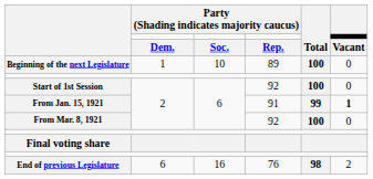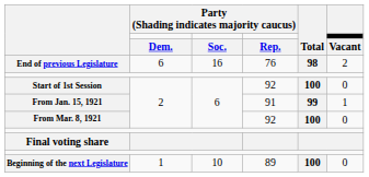 <table class=wikitable style="text-align:center">
 <tr style="vertical-align:bottom;">
 <th rowspan=3></th>
 <th colspan=3>Party <div>(Shading indicates majority caucus)</div></th>
 <th rowspan=3>Total</th>
 <th></th>
 </tr>
 <tr style="height:5px">
 <td style="background-color:"></td>
 <td style="background-color:"></td>
 <td style="background-color:"></td>
 <td style="background:black;"></td>
 </tr>
 <tr>
 <th><a href='#'>Dem.</a></th>
 <th><a href='#'>Soc.</a></th>
 <th><a href='#'>Rep.</a></th>
 <th>Vacant</th>
 </tr>
 <tr>
-<th style="font-size:80%;">Beginning of the <a href='#'>next Legislature</a></th>
-<td>1</td>
-<td>10</td>
-<td>89</td>
-<th>100</th>
-<td>0</td>
+<th style="font-size:80%;">End of <a href='#'>previous Legislature</a></th>
+<td>6</td>
+<td>16</td>
+<td>76</td>
+<th>98</th>
+<td>2</td>
 </tr>
 <tr>
 <td colspan=6></td>
 </tr>
 <tr>
 <th style="font-size:80%;">Start of 1st Session</th>
 <td rowspan="3">2</td>
 <td rowspan="3">6</td>
 <td>92</td>
 <th>100</th>
 <td>0</td>
 </tr>
 <tr>
 <th style="font-size:80%;">From Jan. 15, 1921</th>
 <td>91</td>
 <th>99</th>
-<td><strong>1</strong></td>
+<td>1</td>
 </tr>
 <tr>
 <th style="font-size:80%;">From Mar. 8, 1921</th>
 <td>92</td>
 <th>100</th>
 <td>0</td>
 </tr>
 <tr>
 <td colspan=6></td>
 </tr>
 <tr>
 <th>Final voting share</th>
 <th colspan=2></th>
 <th></th>
 <th colspan=2></th>
 </tr>
 <tr>
 <td colspan=6></td>
 </tr>
 <tr>
-<th style="font-size:80%;">End of <a href='#'>previous Legislature</a></th>
-<td>6</td>
-<td>16</td>
-<td>76</td>
-<th>98</th>
-<td>2</td>
+<th style="font-size:80%;">Beginning of the <a href='#'>next Legislature</a></th>
+<td>1</td>
+<td>10</td>
+<td>89</td>
+<th>100</th>
+<td>0</td>
 </tr>
 </table>
